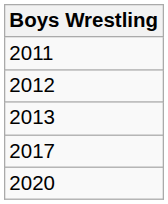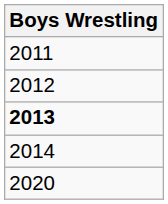 <table class="wikitable">
 <tr>
 <th>Boys Wrestling</th>
 </tr>
 <tr>
 <td>2011</td>
 </tr>
 <tr>
 <td>2012</td>
 </tr>
 <tr>
-<td>2013</td>
+<td><strong>2013</strong></td>
 </tr>
 <tr>
-<td>2017</td>
+<td>2014</td>
 </tr>
 <tr>
 <td>2020</td>
 </tr>
 </table>
